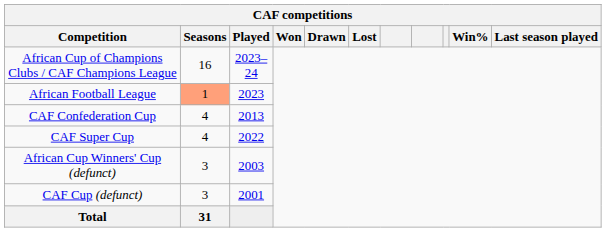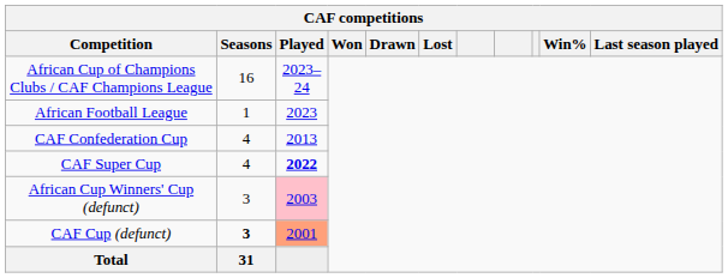 <table class="wikitable sortable" style="font-size:95%; text-align: center;">
 <tr>
 <th colspan="11">CAF competitions</th>
 </tr>
 <tr>
 <th width="200">Competition</th>
 <th width="30">Seasons</th>
 <th width="30">Played</th>
 <th width="30">Won</th>
 <th width="30">Drawn</th>
 <th width="30">Lost</th>
 <th width="30"></th>
 <th width="30"></th>
 <th></th>
 <th>Win%</th>
 <th>Last season played</th>
 </tr>
 <tr>
 <td><a href='#'>African Cup of Champions Clubs / CAF Champions League</a></td>
 <td>16<br></td>
 <td><a href='#'>2023–24</a></td>
 </tr>
 <tr>
 <td><a href='#'>African Football League</a></td>
-<td style="background: lightsalmon;">1<br></td>
+<td>1<br></td>
 <td><a href='#'>2023</a></td>
 </tr>
 <tr>
 <td><a href='#'>CAF Confederation Cup</a></td>
 <td>4<br></td>
 <td><a href='#'>2013</a></td>
 </tr>
 <tr>
 <td><a href='#'>CAF Super Cup</a></td>
 <td>4<br></td>
-<td><a href='#'>2022</a></td>
+<td><strong><a href='#'>2022</a></strong></td>
 </tr>
 <tr>
 <td><a href='#'>African Cup Winners' Cup</a> <em>(defunct)</em></td>
 <td>3<br></td>
-<td><a href='#'>2003</a></td>
+<td style="background: pink;"><a href='#'>2003</a></td>
 </tr>
 <tr>
 <td><a href='#'>CAF Cup</a> <em>(defunct)</em></td>
-<td>3<br></td>
-<td><a href='#'>2001</a></td>
+<td><strong>3<br></strong></td>
+<td style="background: lightsalmon;"><a href='#'>2001</a></td>
 </tr>
 <tr bgcolor="#EEEEEE">
 <th>Total</th>
 <th>31<br></th>
 <td></td>
 </tr>
 </table>
